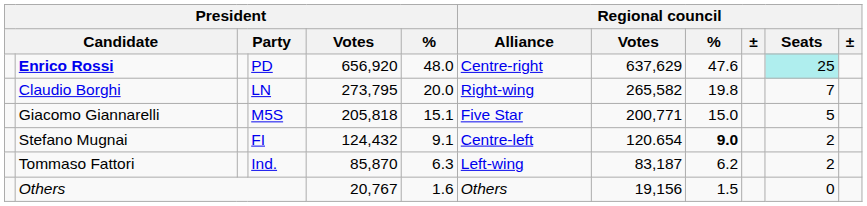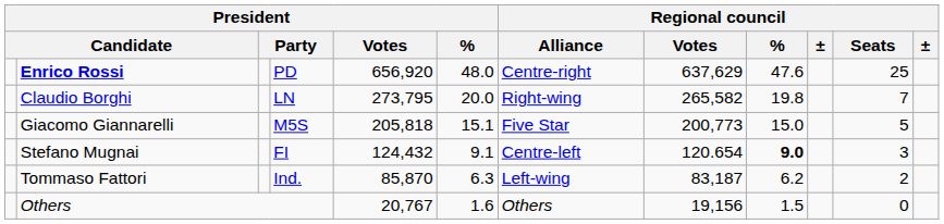 <table class="wikitable" style="text-align:right; style="width=70%">
 <tr>
 <th colspan="6">President</th>
 <th colspan="6">Regional council</th>
 </tr>
 <tr>
 <th colspan="2">Candidate</th>
 <th colspan="2">Party</th>
 <th>Votes</th>
 <th>%</th>
 <th>Alliance</th>
 <th>Votes</th>
 <th>%</th>
 <th>±</th>
 <th>Seats</th>
 <th>±</th>
 </tr>
 <tr>
 <td></td>
 <td style="text-align:left"><strong><a href='#'>Enrico Rossi</a></strong></td>
 <td></td>
 <td style="text-align:left"><a href='#'>PD</a></td>
 <td>656,920</td>
 <td>48.0</td>
 <td style="text-align:left"><a href='#'>Centre-right</a></td>
 <td>637,629</td>
 <td>47.6</td>
 <td></td>
-<td style="background: paleturquoise;">25</td>
+<td>25</td>
 <td></td>
 </tr>
 <tr>
 <td></td>
 <td style="text-align:left"><a href='#'>Claudio Borghi</a></td>
 <td></td>
 <td style="text-align:left"><a href='#'>LN</a></td>
 <td>273,795</td>
 <td>20.0</td>
 <td style="text-align:left"><a href='#'>Right-wing</a></td>
 <td>265,582</td>
 <td>19.8</td>
 <td></td>
 <td>7</td>
 <td></td>
 </tr>
 <tr>
 <td></td>
 <td style="text-align:left">Giacomo Giannarelli</td>
 <td></td>
 <td style="text-align:left"><a href='#'>M5S</a></td>
 <td>205,818</td>
 <td>15.1</td>
 <td style="text-align:left"><a href='#'>Five Star</a></td>
-<td>200,771</td>
+<td>200,773</td>
 <td>15.0</td>
 <td></td>
 <td>5</td>
 <td></td>
 </tr>
 <tr>
 <td></td>
 <td style="text-align:left">Stefano Mugnai</td>
 <td></td>
 <td style="text-align:left"><a href='#'>FI</a></td>
 <td>124,432</td>
 <td>9.1</td>
 <td style="text-align:left"><a href='#'>Centre-left</a></td>
 <td>120.654</td>
 <td><strong>9.0</strong></td>
 <td></td>
-<td>2</td>
+<td>3</td>
 <td></td>
 </tr>
 <tr>
 <td></td>
 <td style="text-align:left">Tommaso Fattori</td>
 <td></td>
 <td style="text-align:left"><a href='#'>Ind.</a></td>
 <td>85,870</td>
 <td>6.3</td>
 <td style="text-align:left"><a href='#'>Left-wing</a></td>
 <td>83,187</td>
 <td>6.2</td>
 <td></td>
 <td>2</td>
 <td></td>
 </tr>
 <tr>
 <td></td>
 <td colspan="3" style="text-align:left"><em>Others</em></td>
 <td>20,767</td>
 <td>1.6</td>
 <td style="text-align:left"><em>Others</em></td>
 <td>19,156</td>
 <td>1.5</td>
 <td></td>
 <td>0</td>
 <td></td>
 </tr>
 </table>
